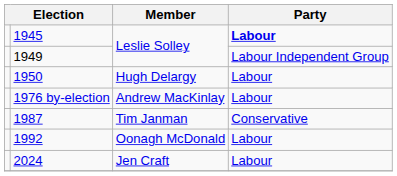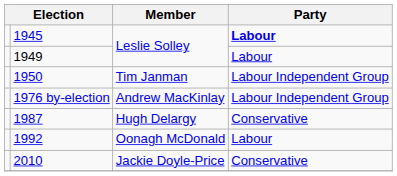 <table class="wikitable">
 <tr>
 <th colspan="2">Election</th>
 <th>Member</th>
 <th>Party</th>
 </tr>
 <tr>
 <td style="color:inherit;background-color: "></td>
 <td><a href='#'>1945</a></td>
 <td rowspan="2"><a href='#'>Leslie Solley</a></td>
 <td><strong><a href='#'>Labour</a></strong></td>
 </tr>
 <tr>
 <td style="color:inherit;background-color: "></td>
 <td>1949</td>
-<td><a href='#'>Labour Independent Group</a></td>
+<td rowspan="1"><a href='#'>Labour</a></td>
 </tr>
 <tr>
 <td rowspan="1" style="color:inherit;background-color: "></td>
 <td><a href='#'>1950</a></td>
-<td rowspan="1"><a href='#'>Hugh Delargy</a></td>
-<td rowspan="1"><a href='#'>Labour</a></td>
+<td><a href='#'>Tim Janman</a></td>
+<td><a href='#'>Labour Independent Group</a></td>
 </tr>
 <tr>
 <td rowspan="1" style="color:inherit;background-color: "></td>
 <td><a href='#'>1976 by-election</a></td>
 <td rowspan="1"><a href='#'>Andrew MacKinlay</a></td>
-<td rowspan="1"><a href='#'>Labour</a></td>
+<td><a href='#'>Labour Independent Group</a></td>
 </tr>
 <tr>
 <td style="color:inherit;background-color: "></td>
 <td><a href='#'>1987</a></td>
-<td><a href='#'>Tim Janman</a></td>
+<td rowspan="1"><a href='#'>Hugh Delargy</a></td>
 <td><a href='#'>Conservative</a></td>
 </tr>
 <tr>
 <td rowspan="1" style="color:inherit;background-color: "></td>
 <td><a href='#'>1992</a></td>
 <td rowspan="1"><a href='#'>Oonagh McDonald</a></td>
 <td rowspan="1"><a href='#'>Labour</a></td>
 </tr>
 <tr>
-<td rowspan="1" style="color:inherit;background-color: "></td>
-<td><a href='#'>2024</a></td>
-<td rowspan="1"><a href='#'>Jen Craft</a></td>
-<td rowspan="1"><a href='#'>Labour</a></td>
+<td style="color:inherit;background-color: "></td>
+<td><a href='#'>2010</a></td>
+<td><a href='#'>Jackie Doyle-Price</a></td>
+<td><a href='#'>Conservative</a></td>
 </tr>
 <tr>
 </tr>
 </table>
